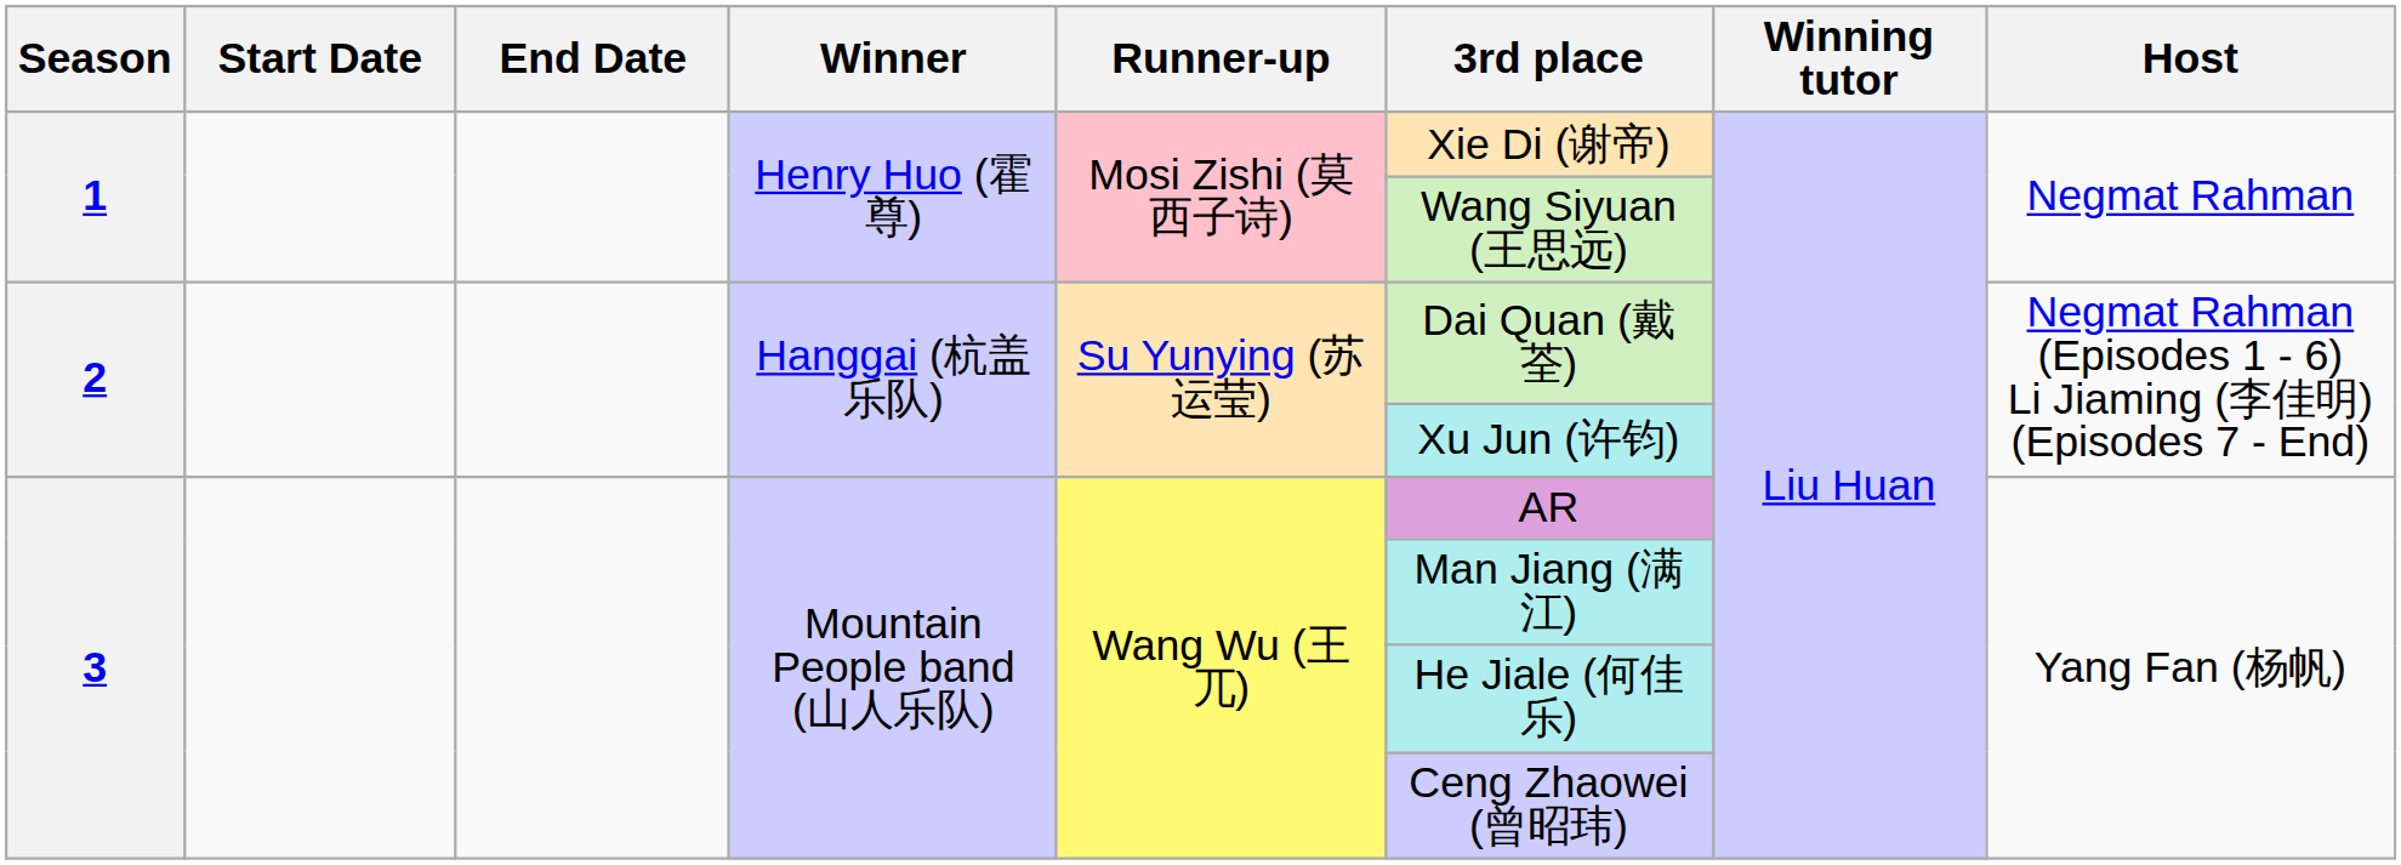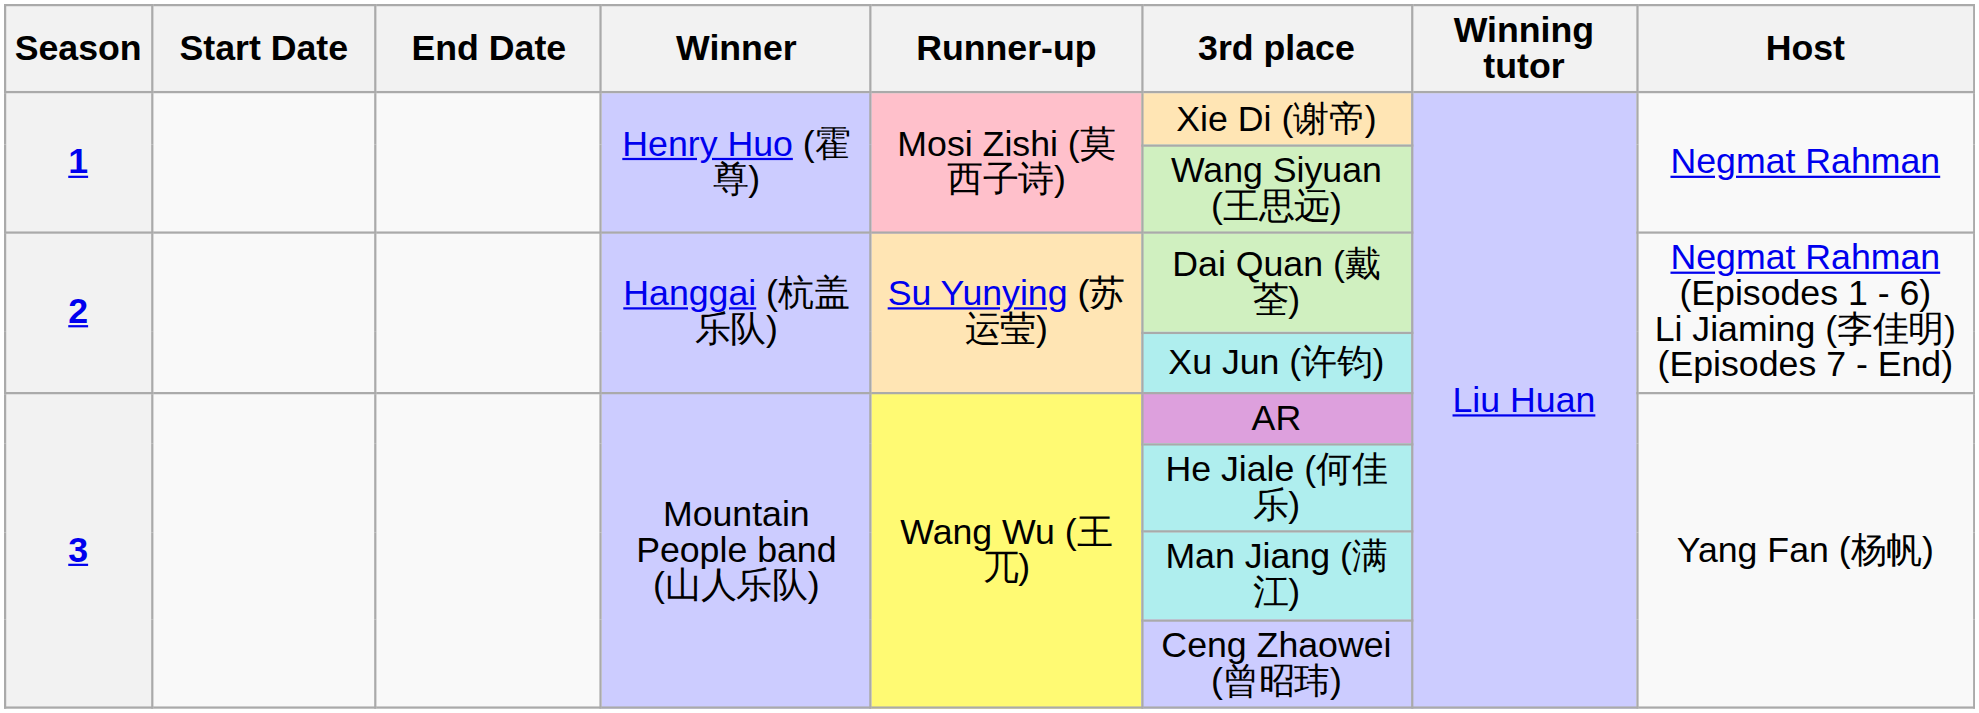 <table class="wikitable" style="text-align:center; line-height:16px; width:100%;">
 <tr>
 <th scope="col" width="1%">Season</th>
 <th scope="col" width="10%">Start Date</th>
 <th scope="col" width="10%">End Date</th>
 <th scope="col" width="12%">Winner</th>
 <th scope="col" width="12%">Runner-up</th>
 <th scope="col" width="12%">3rd place</th>
 <th scope="col" width="10%">Winning tutor</th>
 <th scope="col" width="15%">Host</th>
 </tr>
 <tr>
 <th scope="row" rowspan="2"><a href='#'>1</a></th>
 <td rowspan="2"></td>
 <td rowspan="2"></td>
 <td rowspan="2" style="background:#CCCCFF;"><a href='#'>Henry Huo</a> (霍尊)</td>
 <td rowspan="2" style="background:#FFC0CB;">Mosi Zishi (莫西子诗)</td>
 <td style="background:#FFE5B4;">Xie Di (谢帝)</td>
 <td rowspan="8" style="background:#CCCCFF;"><a href='#'>Liu Huan</a></td>
 <td rowspan="2"><a href='#'>Negmat Rahman</a></td>
 </tr>
 <tr>
 <td style="background:#D0F0C0;">Wang Siyuan (王思远)</td>
 </tr>
 <tr>
 <th scope="row" rowspan="2"><a href='#'>2</a></th>
 <td rowspan="2"></td>
 <td rowspan="2"></td>
 <td rowspan="2" style="background:#CCCCFF;"><a href='#'>Hanggai</a> (杭盖乐队)</td>
 <td rowspan="2" style="background:#FFE5B4;"><a href='#'>Su Yunying</a> (苏运莹)</td>
 <td style="background:#D0F0C0;">Dai Quan (戴荃)</td>
 <td rowspan="2"><a href='#'>Negmat Rahman</a> (Episodes 1 - 6)<br>Li Jiaming (李佳明) (Episodes 7 - End)</td>
 </tr>
 <tr>
 <td style="background:#AFEEEE;">Xu Jun (许钧)</td>
 </tr>
 <tr>
 <th scope="row" rowspan="4"><a href='#'>3</a></th>
 <td rowspan="4"></td>
 <td rowspan="4"></td>
 <td rowspan="4" style="background:#CCCCFF;">Mountain People band (山人乐队)</td>
 <td rowspan="4" style="background:#FFFA73;">Wang Wu (王兀)</td>
 <td style="background:#DDA0DD;">AR</td>
 <td rowspan="4">Yang Fan (杨帆)</td>
 </tr>
 <tr>
-<td style="background:#AFEEEE;">Man Jiang (满江)</td>
+<td style="background:#AFEEEE;">He Jiale (何佳乐)</td>
 </tr>
 <tr>
-<td style="background:#AFEEEE;">He Jiale (何佳乐)</td>
+<td style="background:#AFEEEE;">Man Jiang (满江)</td>
 </tr>
 <tr>
 <td style="background:#CCCCFF;">Ceng Zhaowei (曾昭玮)</td>
 </tr>
 </table>
